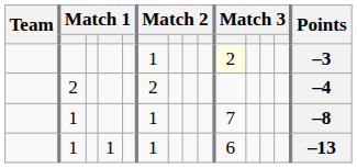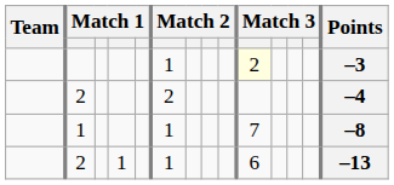 <table class="wikitable sortable" style="text-align:center;">
 <tr>
 <th rowspan=2>Team</th>
 <th colspan=4 style="border-left:3px solid gray">Match 1</th>
 <th colspan=4 style="border-left:3px solid gray">Match 2</th>
 <th colspan=4 style="border-left:3px solid gray">Match 3</th>
 <th rowspan=2 style="border-left:3px solid gray">Points</th>
 </tr>
 <tr>
 <th style="border-left:3px solid gray"></th>
 <th></th>
 <th></th>
 <th></th>
 <th style="border-left:3px solid gray"></th>
 <th></th>
 <th></th>
 <th></th>
 <th style="border-left:3px solid gray"></th>
 <th></th>
 <th></th>
 <th></th>
 </tr>
 <tr>
 <td align=left></td>
 <td style="border-left:3px solid gray"></td>
 <td></td>
 <td></td>
 <td></td>
 <td style="border-left:3px solid gray">1</td>
 <td></td>
 <td></td>
 <td></td>
 <td style="background: lightyellow; border-left:3px solid gray">2</td>
 <td></td>
 <td></td>
 <td></td>
 <th style="border-left:3px solid gray">–3</th>
 </tr>
 <tr>
 <td align=left></td>
 <td style="border-left:3px solid gray">2</td>
 <td></td>
 <td></td>
 <td></td>
 <td style="border-left:3px solid gray">2</td>
 <td></td>
 <td></td>
 <td></td>
 <td style="border-left:3px solid gray"></td>
 <td></td>
 <td></td>
 <td></td>
 <th style="border-left:3px solid gray">–4</th>
 </tr>
 <tr>
 <td align=left></td>
 <td style="border-left:3px solid gray">1</td>
 <td></td>
 <td></td>
 <td></td>
 <td style="border-left:3px solid gray">1</td>
 <td></td>
 <td></td>
 <td></td>
 <td style="border-left:3px solid gray">7</td>
 <td></td>
 <td></td>
 <td></td>
 <th style="border-left:3px solid gray">–8</th>
 </tr>
 <tr>
 <td align=left></td>
-<td style="border-left:3px solid gray">1</td>
+<td style="border-left:3px solid gray">2</td>
 <td></td>
 <td>1</td>
 <td></td>
 <td style="border-left:3px solid gray">1</td>
 <td></td>
 <td></td>
 <td></td>
 <td style="border-left:3px solid gray">6</td>
 <td></td>
 <td></td>
 <td></td>
 <th style="border-left:3px solid gray">–13</th>
 </tr>
 </table>
